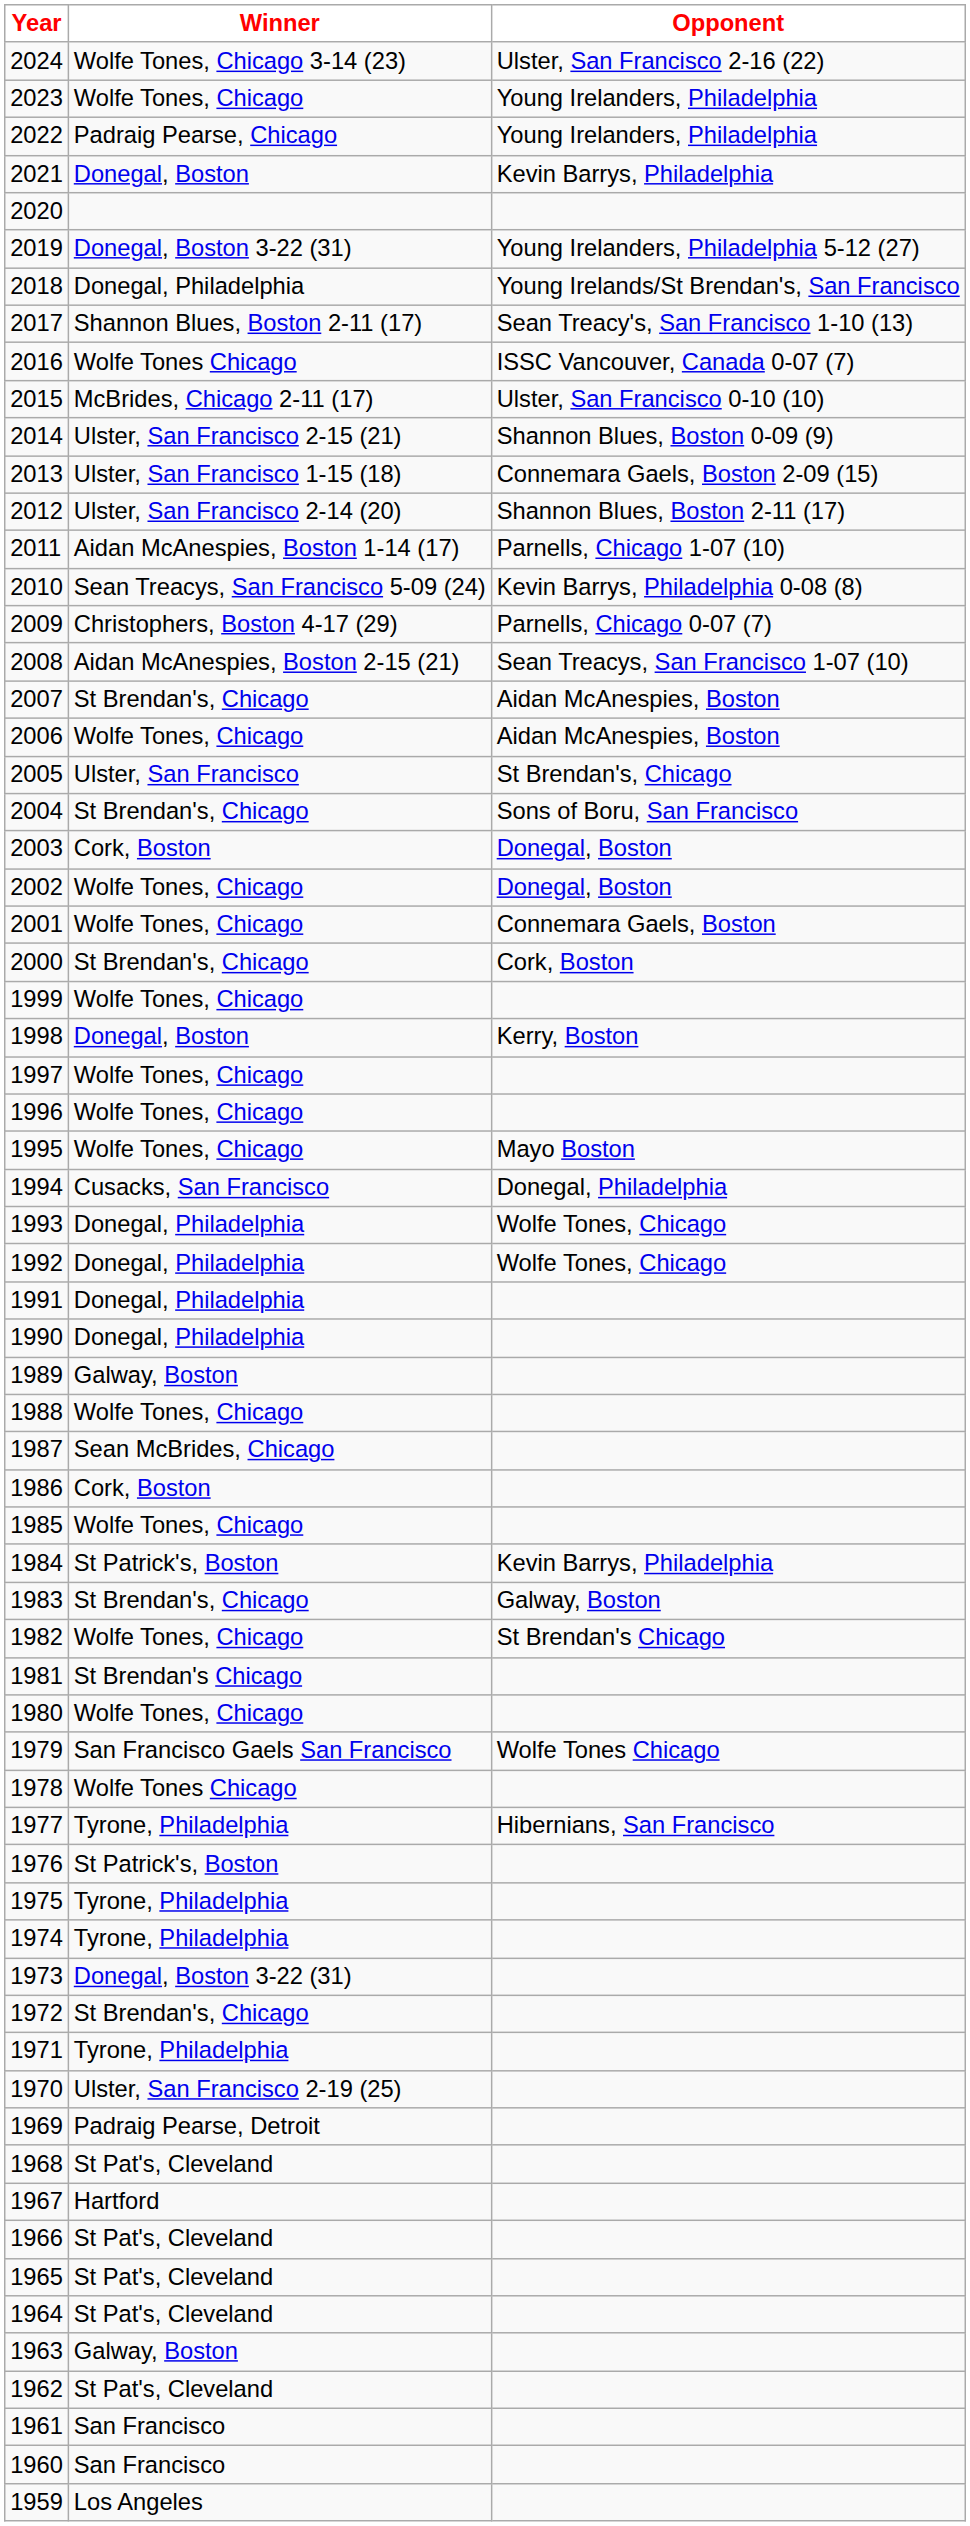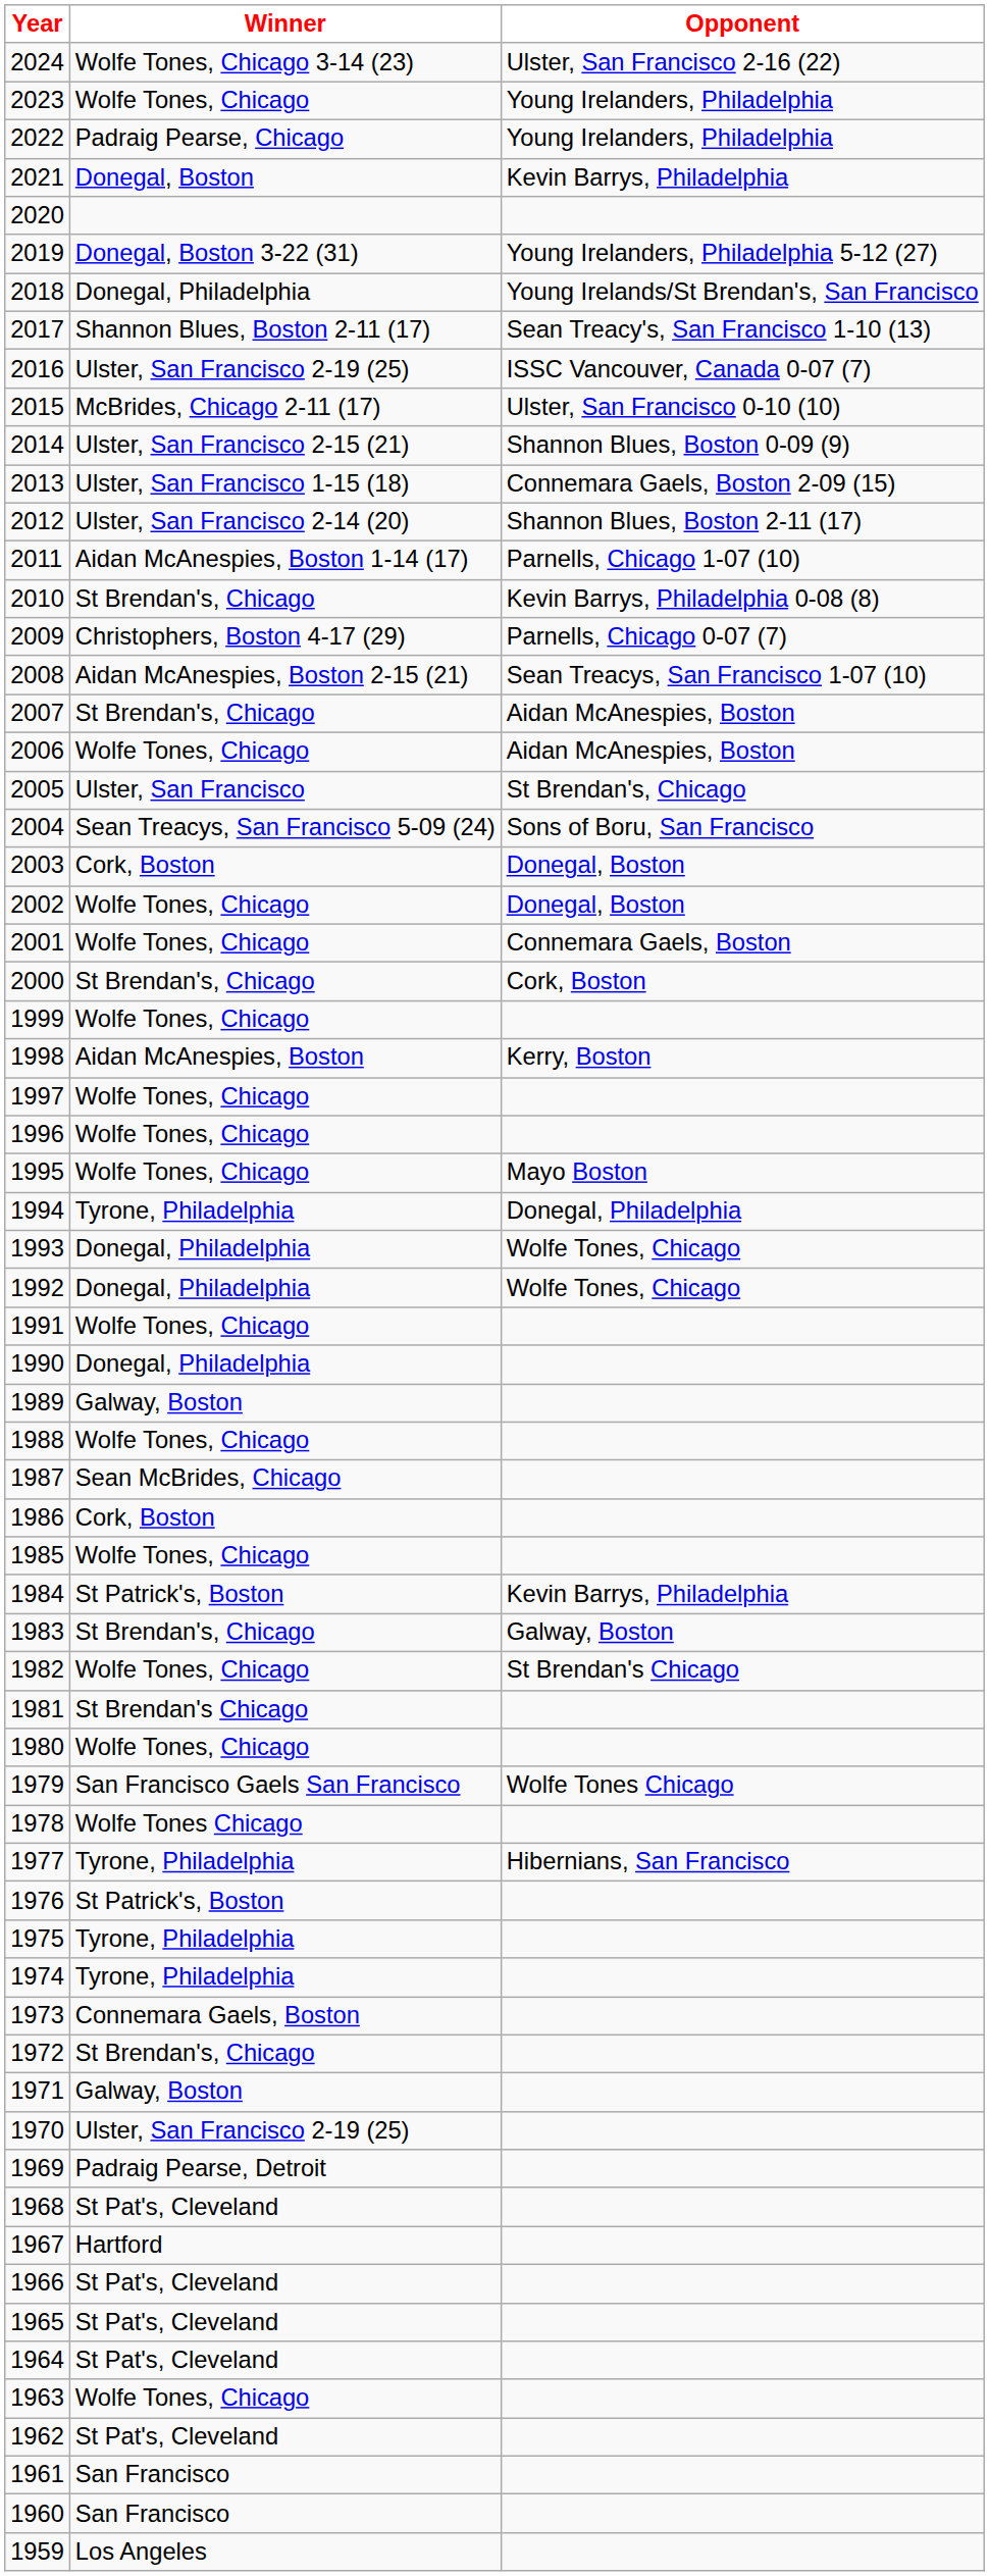 <table class="wikitable">
 <tr>
 <th style="background:white;color:red;">Year</th>
 <th style="background:white;color:red;">Winner</th>
 <th style="background:white;color:red;">Opponent</th>
 </tr>
 <tr>
 <td>2024</td>
 <td>Wolfe Tones, <a href='#'>Chicago</a> 3-14 (23)</td>
 <td>Ulster, <a href='#'>San Francisco</a> 2-16 (22)</td>
 </tr>
 <tr>
 <td>2023</td>
 <td>Wolfe Tones, <a href='#'>Chicago</a></td>
 <td>Young Irelanders, <a href='#'>Philadelphia</a></td>
 </tr>
 <tr>
 <td>2022</td>
 <td>Padraig Pearse, <a href='#'>Chicago</a></td>
 <td>Young Irelanders, <a href='#'>Philadelphia</a></td>
 </tr>
 <tr>
 <td>2021</td>
 <td><a href='#'>Donegal</a>, <a href='#'>Boston</a></td>
 <td>Kevin Barrys, <a href='#'>Philadelphia</a></td>
 </tr>
 <tr>
 <td>2020</td>
 <td></td>
 <td></td>
 </tr>
 <tr>
 <td>2019</td>
 <td><a href='#'>Donegal</a>, <a href='#'>Boston</a> 3-22 (31)</td>
 <td>Young Irelanders, <a href='#'>Philadelphia</a> 5-12 (27)</td>
 </tr>
 <tr>
 <td>2018</td>
 <td>Donegal, Philadelphia</td>
 <td>Young Irelands/St Brendan's, <a href='#'>San Francisco</a></td>
 </tr>
 <tr>
 <td>2017</td>
 <td>Shannon Blues, <a href='#'>Boston</a> 2-11 (17)</td>
 <td>Sean Treacy's, <a href='#'>San Francisco</a> 1-10 (13)</td>
 </tr>
 <tr>
 <td>2016</td>
-<td>Wolfe Tones <a href='#'>Chicago</a></td>
+<td>Ulster, <a href='#'>San Francisco</a> 2-19 (25)</td>
 <td>ISSC Vancouver, <a href='#'>Canada</a> 0-07 (7)</td>
 </tr>
 <tr>
 <td>2015</td>
 <td>McBrides, <a href='#'>Chicago</a> 2-11 (17)</td>
 <td>Ulster, <a href='#'>San Francisco</a> 0-10 (10)</td>
 </tr>
 <tr>
 <td>2014</td>
 <td>Ulster, <a href='#'>San Francisco</a> 2-15 (21)</td>
 <td>Shannon Blues, <a href='#'>Boston</a> 0-09 (9)</td>
 </tr>
 <tr>
 <td>2013</td>
 <td>Ulster, <a href='#'>San Francisco</a> 1-15 (18)</td>
 <td>Connemara Gaels, <a href='#'>Boston</a> 2-09 (15)</td>
 </tr>
 <tr>
 <td>2012</td>
 <td>Ulster, <a href='#'>San Francisco</a> 2-14 (20)</td>
 <td>Shannon Blues, <a href='#'>Boston</a> 2-11 (17)</td>
 </tr>
 <tr>
 <td>2011</td>
 <td>Aidan McAnespies, <a href='#'>Boston</a> 1-14 (17)</td>
 <td>Parnells, <a href='#'>Chicago</a> 1-07 (10)</td>
 </tr>
 <tr>
 <td>2010</td>
-<td>Sean Treacys, <a href='#'>San Francisco</a> 5-09 (24)</td>
+<td>St Brendan's, <a href='#'>Chicago</a></td>
 <td>Kevin Barrys, <a href='#'>Philadelphia</a> 0-08 (8)</td>
 </tr>
 <tr>
 <td>2009</td>
 <td>Christophers, <a href='#'>Boston</a> 4-17 (29)</td>
 <td>Parnells, <a href='#'>Chicago</a> 0-07 (7)</td>
 </tr>
 <tr>
 <td>2008</td>
 <td>Aidan McAnespies, <a href='#'>Boston</a> 2-15 (21)</td>
 <td>Sean Treacys, <a href='#'>San Francisco</a> 1-07 (10)</td>
 </tr>
 <tr>
 <td>2007</td>
 <td>St Brendan's, <a href='#'>Chicago</a></td>
 <td>Aidan McAnespies, <a href='#'>Boston</a></td>
 </tr>
 <tr>
 <td>2006</td>
 <td>Wolfe Tones, <a href='#'>Chicago</a></td>
 <td>Aidan McAnespies, <a href='#'>Boston</a></td>
 </tr>
 <tr>
 <td>2005</td>
 <td>Ulster, <a href='#'>San Francisco</a></td>
 <td>St Brendan's, <a href='#'>Chicago</a></td>
 </tr>
 <tr>
 <td>2004</td>
-<td>St Brendan's, <a href='#'>Chicago</a></td>
+<td>Sean Treacys, <a href='#'>San Francisco</a> 5-09 (24)</td>
 <td>Sons of Boru, <a href='#'>San Francisco</a></td>
 </tr>
 <tr>
 <td>2003</td>
 <td>Cork, <a href='#'>Boston</a></td>
 <td><a href='#'>Donegal</a>, <a href='#'>Boston</a></td>
 </tr>
 <tr>
 <td>2002</td>
 <td>Wolfe Tones, <a href='#'>Chicago</a></td>
 <td><a href='#'>Donegal</a>, <a href='#'>Boston</a></td>
 </tr>
 <tr>
 <td>2001</td>
 <td>Wolfe Tones, <a href='#'>Chicago</a></td>
 <td>Connemara Gaels, <a href='#'>Boston</a></td>
 </tr>
 <tr>
 <td>2000</td>
 <td>St Brendan's, <a href='#'>Chicago</a></td>
 <td>Cork, <a href='#'>Boston</a></td>
 </tr>
 <tr>
 <td>1999</td>
 <td>Wolfe Tones, <a href='#'>Chicago</a></td>
 <td></td>
 </tr>
 <tr>
 <td>1998</td>
-<td><a href='#'>Donegal</a>, <a href='#'>Boston</a></td>
+<td>Aidan McAnespies, <a href='#'>Boston</a></td>
 <td>Kerry, <a href='#'>Boston</a></td>
 </tr>
 <tr>
 <td>1997</td>
 <td>Wolfe Tones, <a href='#'>Chicago</a></td>
 <td></td>
 </tr>
 <tr>
 <td>1996</td>
 <td>Wolfe Tones, <a href='#'>Chicago</a></td>
 <td></td>
 </tr>
 <tr>
 <td>1995</td>
 <td>Wolfe Tones, <a href='#'>Chicago</a></td>
 <td>Mayo <a href='#'>Boston</a></td>
 </tr>
 <tr>
 <td>1994</td>
-<td>Cusacks, <a href='#'>San Francisco</a></td>
+<td>Tyrone, <a href='#'>Philadelphia</a></td>
 <td>Donegal, <a href='#'>Philadelphia</a></td>
 </tr>
 <tr>
 <td>1993</td>
 <td>Donegal, <a href='#'>Philadelphia</a></td>
 <td>Wolfe Tones, <a href='#'>Chicago</a></td>
 </tr>
 <tr>
 <td>1992</td>
 <td>Donegal, <a href='#'>Philadelphia</a></td>
 <td>Wolfe Tones, <a href='#'>Chicago</a></td>
 </tr>
 <tr>
 <td>1991</td>
-<td>Donegal, <a href='#'>Philadelphia</a></td>
+<td>Wolfe Tones, <a href='#'>Chicago</a></td>
 <td></td>
 </tr>
 <tr>
 <td>1990</td>
 <td>Donegal, <a href='#'>Philadelphia</a></td>
 <td></td>
 </tr>
 <tr>
 <td>1989</td>
 <td>Galway, <a href='#'>Boston</a></td>
 <td></td>
 </tr>
 <tr>
 <td>1988</td>
 <td>Wolfe Tones, <a href='#'>Chicago</a></td>
 <td></td>
 </tr>
 <tr>
 <td>1987</td>
 <td>Sean McBrides, <a href='#'>Chicago</a></td>
 <td></td>
 </tr>
 <tr>
 <td>1986</td>
 <td>Cork, <a href='#'>Boston</a></td>
 <td></td>
 </tr>
 <tr>
 <td>1985</td>
 <td>Wolfe Tones, <a href='#'>Chicago</a></td>
 <td></td>
 </tr>
 <tr>
 <td>1984</td>
 <td>St Patrick's, <a href='#'>Boston</a></td>
 <td>Kevin Barrys, <a href='#'>Philadelphia</a></td>
 </tr>
 <tr>
 <td>1983</td>
 <td>St Brendan's, <a href='#'>Chicago</a></td>
 <td>Galway, <a href='#'>Boston</a></td>
 </tr>
 <tr>
 <td>1982</td>
 <td>Wolfe Tones, <a href='#'>Chicago</a></td>
 <td>St Brendan's <a href='#'>Chicago</a></td>
 </tr>
 <tr>
 <td>1981</td>
 <td>St Brendan's <a href='#'>Chicago</a></td>
 <td></td>
 </tr>
 <tr>
 <td>1980</td>
 <td>Wolfe Tones, <a href='#'>Chicago</a></td>
 <td></td>
 </tr>
 <tr>
 <td>1979</td>
 <td>San Francisco Gaels <a href='#'>San Francisco</a></td>
 <td>Wolfe Tones <a href='#'>Chicago</a></td>
 </tr>
 <tr>
 <td>1978</td>
 <td>Wolfe Tones <a href='#'>Chicago</a></td>
 <td></td>
 </tr>
 <tr>
 <td>1977</td>
 <td>Tyrone, <a href='#'>Philadelphia</a></td>
 <td>Hibernians, <a href='#'>San Francisco</a></td>
 </tr>
 <tr>
 <td>1976</td>
 <td>St Patrick's, <a href='#'>Boston</a></td>
 <td></td>
 </tr>
 <tr>
 <td>1975</td>
 <td>Tyrone, <a href='#'>Philadelphia</a></td>
 <td></td>
 </tr>
 <tr>
 <td>1974</td>
 <td>Tyrone, <a href='#'>Philadelphia</a></td>
 <td></td>
 </tr>
 <tr>
 <td>1973</td>
-<td><a href='#'>Donegal</a>, <a href='#'>Boston</a> 3-22 (31)</td>
+<td>Connemara Gaels, <a href='#'>Boston</a></td>
 <td></td>
 </tr>
 <tr>
 <td>1972</td>
 <td>St Brendan's, <a href='#'>Chicago</a></td>
 <td></td>
 </tr>
 <tr>
 <td>1971</td>
-<td>Tyrone, <a href='#'>Philadelphia</a></td>
+<td>Galway, <a href='#'>Boston</a></td>
 <td></td>
 </tr>
 <tr>
 <td>1970</td>
 <td>Ulster, <a href='#'>San Francisco</a> 2-19 (25)</td>
 <td></td>
 </tr>
 <tr>
 <td>1969</td>
 <td>Padraig Pearse, Detroit</td>
 <td></td>
 </tr>
 <tr>
 <td>1968</td>
 <td>St Pat's, Cleveland</td>
 <td></td>
 </tr>
 <tr>
 <td>1967</td>
 <td>Hartford</td>
 <td></td>
 </tr>
 <tr>
 <td>1966</td>
 <td>St Pat's, Cleveland</td>
 <td></td>
 </tr>
 <tr>
 <td>1965</td>
 <td>St Pat's, Cleveland</td>
 <td></td>
 </tr>
 <tr>
 <td>1964</td>
 <td>St Pat's, Cleveland</td>
 <td></td>
 </tr>
 <tr>
 <td>1963</td>
-<td>Galway, <a href='#'>Boston</a></td>
+<td>Wolfe Tones, <a href='#'>Chicago</a></td>
 <td></td>
 </tr>
 <tr>
 <td>1962</td>
 <td>St Pat's, Cleveland</td>
 <td></td>
 </tr>
 <tr>
 <td>1961</td>
 <td>San Francisco</td>
 <td></td>
 </tr>
 <tr>
 <td>1960</td>
 <td>San Francisco</td>
 <td></td>
 </tr>
 <tr>
 <td>1959</td>
 <td>Los Angeles</td>
 <td></td>
 </tr>
 </table>
